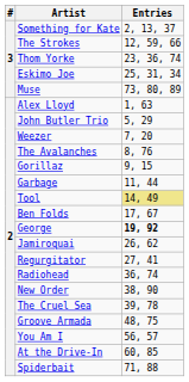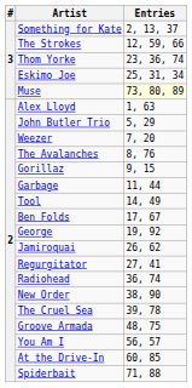 <table class="wikitable sortable">
 <tr>
 <th>#</th>
 <th>Artist</th>
 <th>Entries</th>
 </tr>
 <tr>
 <th rowspan="5">3</th>
 <td><a href='#'>Something for Kate</a></td>
 <td>2, 13, 37</td>
 </tr>
 <tr>
 <td><a href='#'>The Strokes</a></td>
 <td>12, 59, 66</td>
 </tr>
 <tr>
 <td><a href='#'>Thom Yorke</a></td>
 <td>23, 36, 74</td>
 </tr>
 <tr>
 <td><a href='#'>Eskimo Joe</a></td>
 <td>25, 31, 34</td>
 </tr>
 <tr>
 <td><a href='#'>Muse</a></td>
-<td>73, 80, 89</td>
+<td style="background: lightyellow;">73, 80, 89</td>
 </tr>
 <tr>
 <th rowspan="18">2</th>
 <td><a href='#'>Alex Lloyd</a></td>
 <td>1, 63</td>
 </tr>
 <tr>
 <td><a href='#'>John Butler Trio</a></td>
 <td>5, 29</td>
 </tr>
 <tr>
 <td><a href='#'>Weezer</a></td>
 <td>7, 20</td>
 </tr>
 <tr>
 <td><a href='#'>The Avalanches</a></td>
 <td>8, 76</td>
 </tr>
 <tr>
 <td><a href='#'>Gorillaz</a></td>
 <td>9, 15</td>
 </tr>
 <tr>
 <td><a href='#'>Garbage</a></td>
 <td>11, 44</td>
 </tr>
 <tr>
 <td><a href='#'>Tool</a></td>
-<td style="background: khaki;">14, 49</td>
+<td>14, 49</td>
 </tr>
 <tr>
 <td><a href='#'>Ben Folds</a></td>
 <td>17, 67</td>
 </tr>
 <tr>
 <td><a href='#'>George</a></td>
-<td><strong>19, 92</strong></td>
+<td>19, 92</td>
 </tr>
 <tr>
 <td><a href='#'>Jamiroquai</a></td>
 <td>26, 62</td>
 </tr>
 <tr>
 <td><a href='#'>Regurgitator</a></td>
 <td>27, 41</td>
 </tr>
 <tr>
 <td><a href='#'>Radiohead</a></td>
 <td>36, 74</td>
 </tr>
 <tr>
 <td><a href='#'>New Order</a></td>
 <td>38, 90</td>
 </tr>
 <tr>
 <td><a href='#'>The Cruel Sea</a></td>
 <td>39, 78</td>
 </tr>
 <tr>
 <td><a href='#'>Groove Armada</a></td>
 <td>48, 75</td>
 </tr>
 <tr>
 <td><a href='#'>You Am I</a></td>
 <td>56, 57</td>
 </tr>
 <tr>
 <td><a href='#'>At the Drive-In</a></td>
 <td>60, 85</td>
 </tr>
 <tr>
 <td><a href='#'>Spiderbait</a></td>
 <td>71, 88</td>
 </tr>
 </table>
